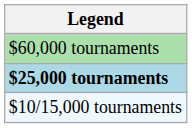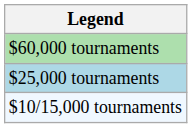 <table class=wikitable style="font-size:85%">
 <tr>
 <th>Legend</th>
 </tr>
 <tr style="background:#addfad;">
 <td>$60,000 tournaments</td>
 </tr>
 <tr style="background:lightblue;">
-<td><strong>$25,000 tournaments</strong></td>
+<td>$25,000 tournaments</td>
 </tr>
 <tr style="background:#f0f8ff;">
 <td>$10/15,000 tournaments</td>
 </tr>
 </table>
